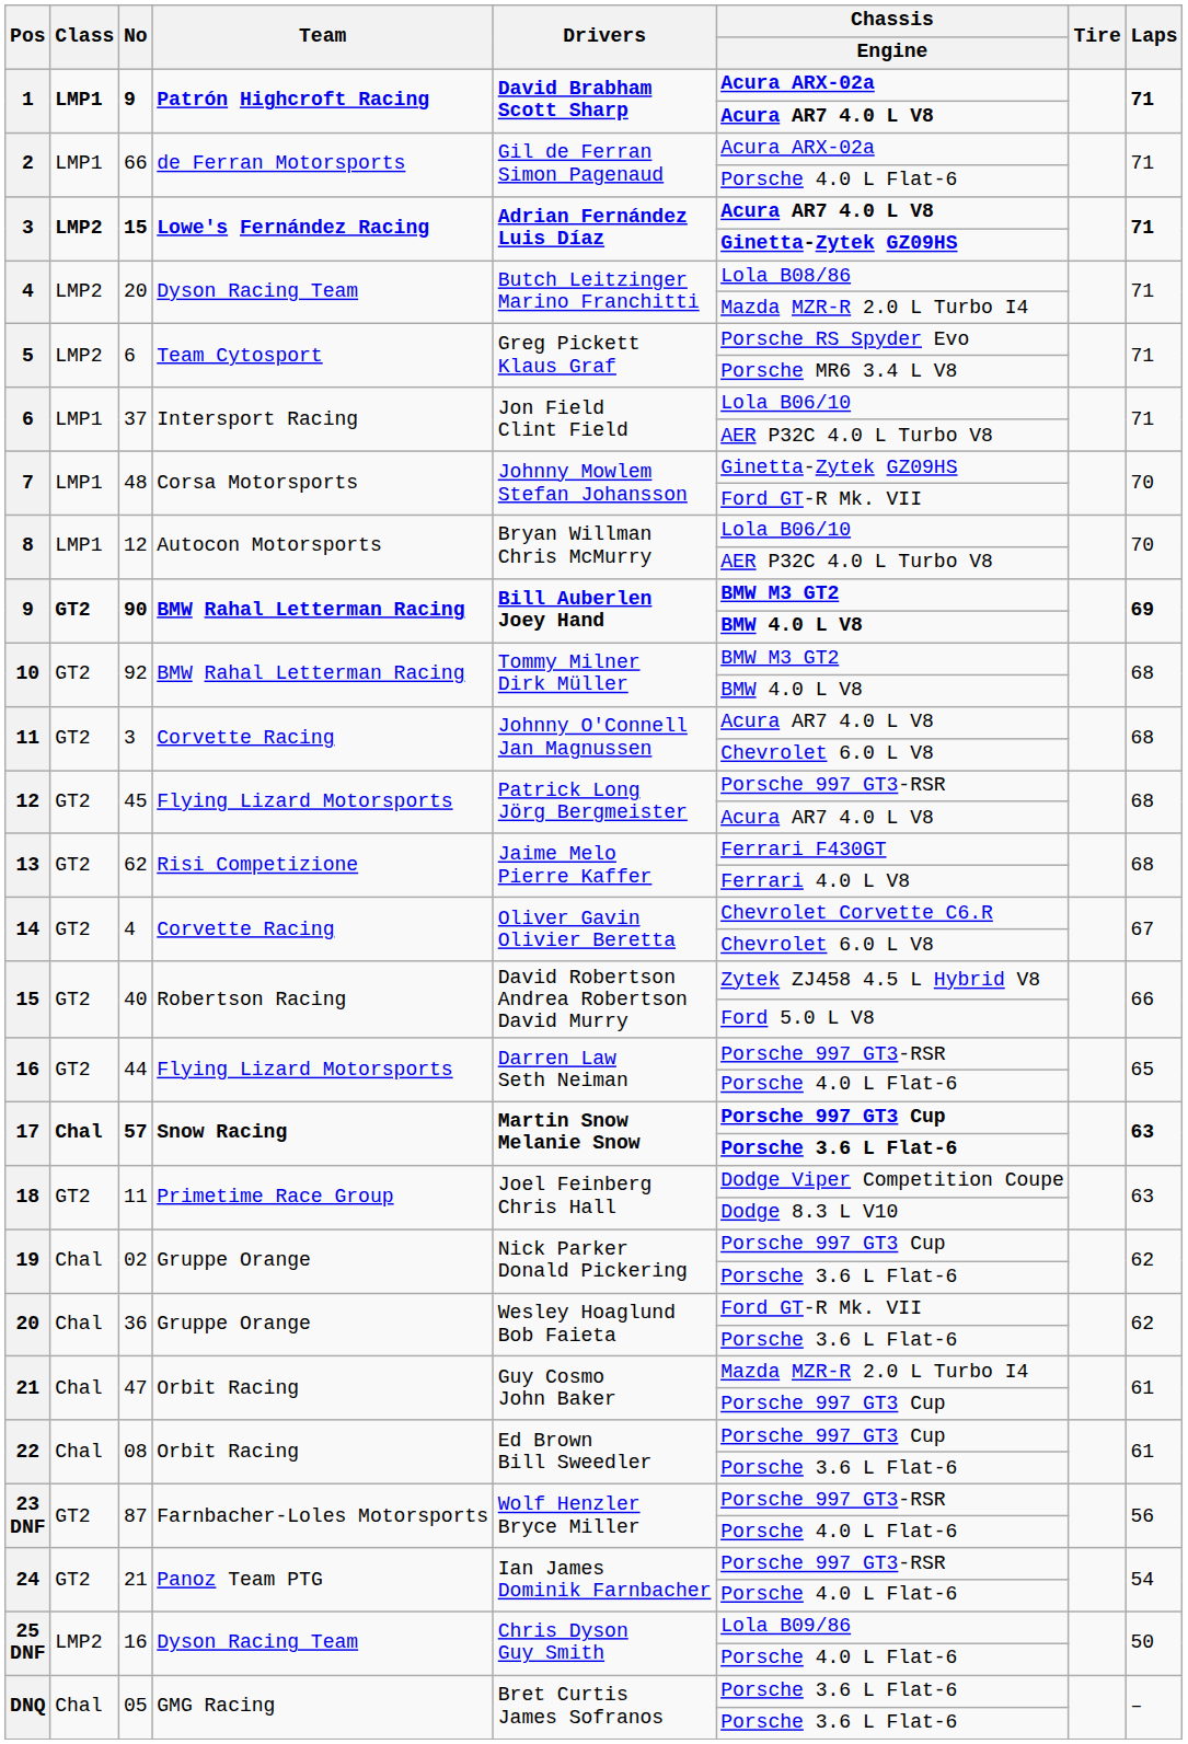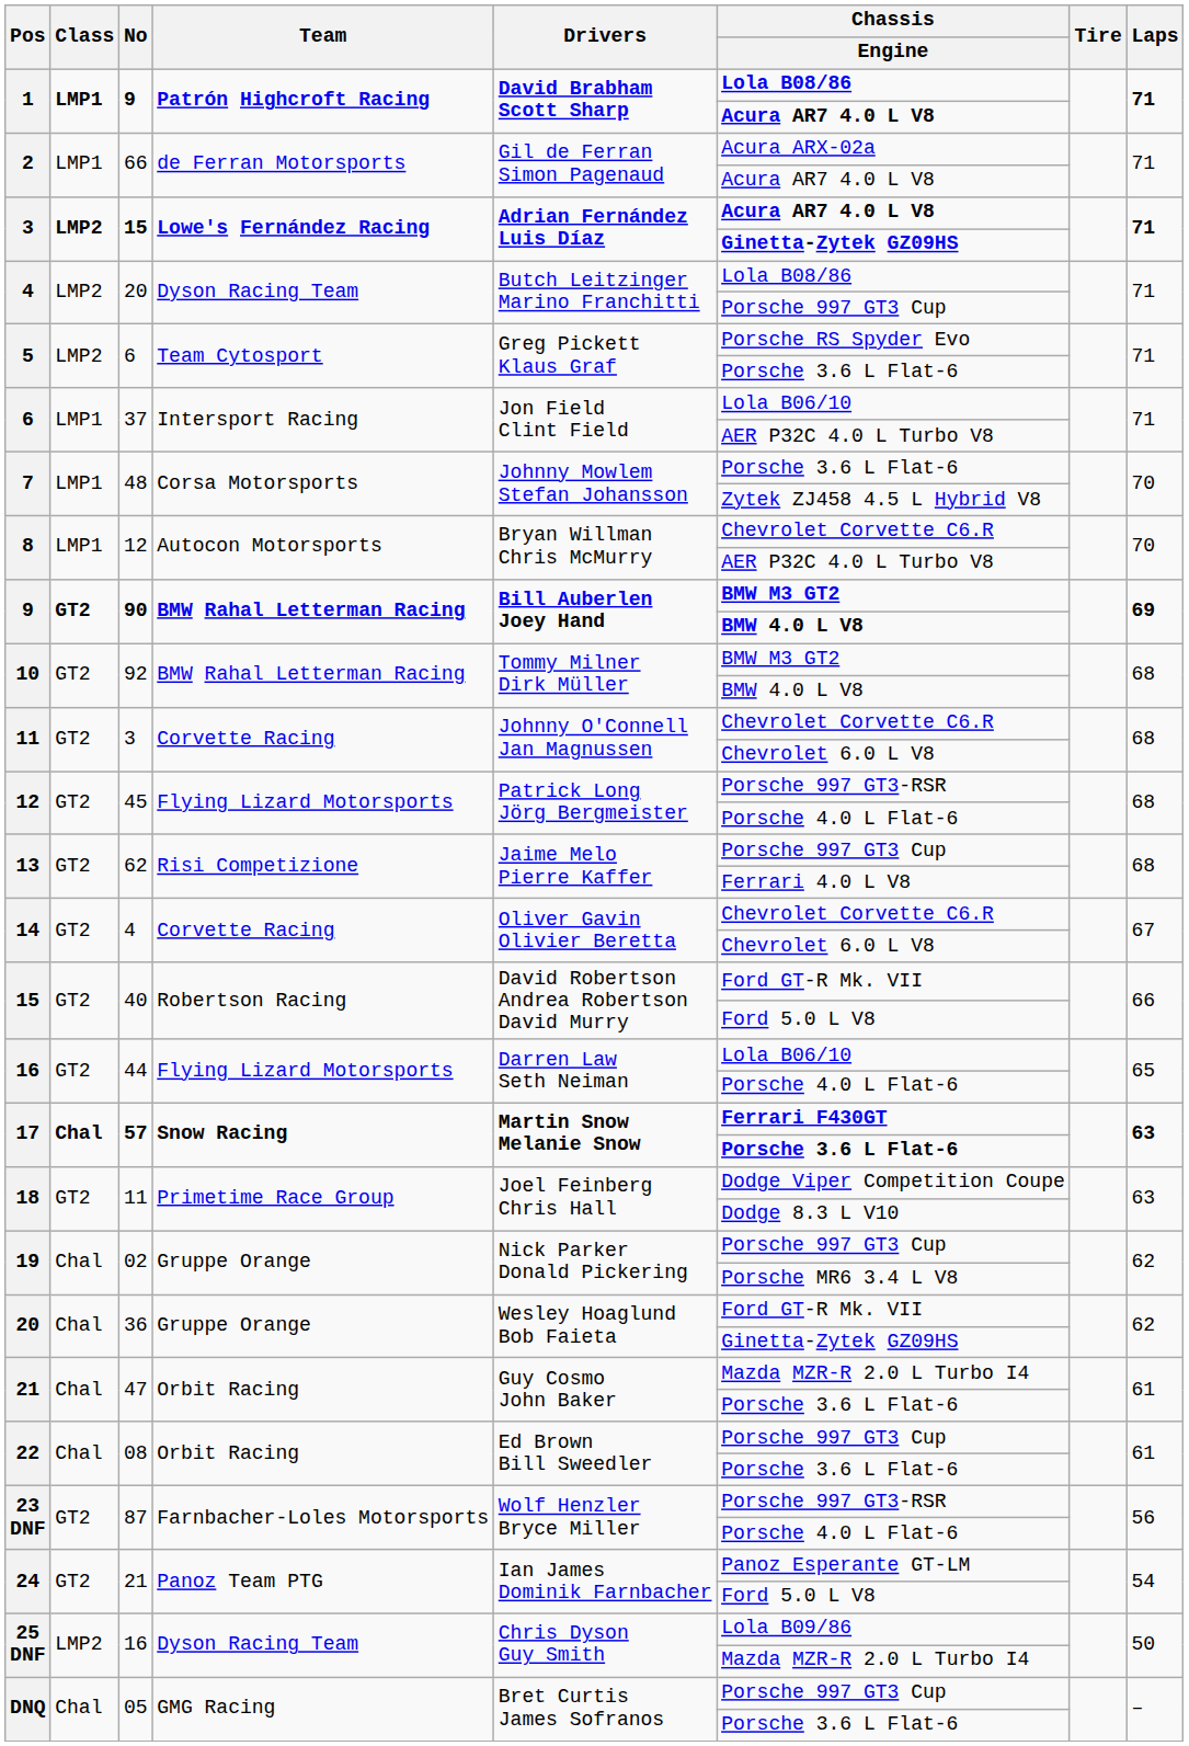 <table class="wikitable" style="font-size: 95%;">
 <tr>
 <th rowspan=2>Pos</th>
 <th rowspan=2>Class</th>
 <th rowspan=2>No</th>
 <th rowspan=2>Team</th>
 <th rowspan=2>Drivers</th>
 <th>Chassis</th>
 <th rowspan=2>Tire</th>
 <th rowspan=2>Laps</th>
 </tr>
 <tr>
 <th>Engine</th>
 </tr>
 <tr style="font-weight:bold">
 <th rowspan=2>1</th>
 <td rowspan=2>LMP1</td>
 <td rowspan=2>9</td>
 <td rowspan=2> <a href='#'>Patrón</a> <a href='#'>Highcroft Racing</a></td>
 <td rowspan=2> <a href='#'>David Brabham</a><br> <a href='#'>Scott Sharp</a></td>
-<td><a href='#'>Acura ARX-02a</a></td>
+<td><a href='#'>Lola B08/86</a></td>
 <td rowspan=2></td>
 <td rowspan=2>71</td>
 </tr>
 <tr style="font-weight:bold">
 <td><a href='#'>Acura</a> AR7 4.0 L V8</td>
 </tr>
 <tr>
 <th rowspan=2>2</th>
 <td rowspan=2>LMP1</td>
 <td rowspan=2>66</td>
 <td rowspan=2> <a href='#'>de Ferran Motorsports</a></td>
 <td rowspan=2> <a href='#'>Gil de Ferran</a><br> <a href='#'>Simon Pagenaud</a></td>
 <td><a href='#'>Acura ARX-02a</a></td>
 <td rowspan=2></td>
 <td rowspan=2>71</td>
 </tr>
 <tr>
-<td><a href='#'>Porsche</a> 4.0 L Flat-6</td>
+<td><a href='#'>Acura</a> AR7 4.0 L V8</td>
 </tr>
 <tr style="font-weight:bold">
 <th rowspan=2>3</th>
 <td rowspan=2>LMP2</td>
 <td rowspan=2>15</td>
 <td rowspan=2> <a href='#'>Lowe's</a> <a href='#'>Fernández Racing</a></td>
 <td rowspan=2> <a href='#'>Adrian Fernández</a><br> <a href='#'>Luis Díaz</a></td>
 <td><a href='#'>Acura</a> AR7 4.0 L V8</td>
 <td rowspan=2></td>
 <td rowspan=2>71</td>
 </tr>
 <tr style="font-weight:bold">
 <td><a href='#'>Ginetta</a>-<a href='#'>Zytek</a> <a href='#'>GZ09HS</a></td>
 </tr>
 <tr>
 <th rowspan=2>4</th>
 <td rowspan=2>LMP2</td>
 <td rowspan=2>20</td>
 <td rowspan=2> <a href='#'>Dyson Racing Team</a></td>
 <td rowspan=2> <a href='#'>Butch Leitzinger</a><br> <a href='#'>Marino Franchitti</a></td>
 <td><a href='#'>Lola B08/86</a></td>
 <td rowspan=2></td>
 <td rowspan=2>71</td>
 </tr>
 <tr>
-<td><a href='#'>Mazda</a> <a href='#'>MZR-R</a> 2.0 L Turbo I4</td>
+<td><a href='#'>Porsche 997 GT3</a> Cup</td>
 </tr>
 <tr>
 <th rowspan=2>5</th>
 <td rowspan=2>LMP2</td>
 <td rowspan=2>6</td>
 <td rowspan=2> <a href='#'>Team Cytosport</a></td>
 <td rowspan=2> Greg Pickett<br> <a href='#'>Klaus Graf</a></td>
 <td><a href='#'>Porsche RS Spyder</a> Evo</td>
 <td rowspan=2></td>
 <td rowspan=2>71</td>
 </tr>
 <tr>
-<td><a href='#'>Porsche</a> MR6 3.4 L V8</td>
+<td><a href='#'>Porsche</a> 3.6 L Flat-6</td>
 </tr>
 <tr>
 <th rowspan=2>6</th>
 <td rowspan=2>LMP1</td>
 <td rowspan=2>37</td>
 <td rowspan=2> Intersport Racing</td>
 <td rowspan=2> Jon Field<br> Clint Field</td>
 <td><a href='#'>Lola B06/10</a></td>
 <td rowspan=2></td>
 <td rowspan=2>71</td>
 </tr>
 <tr>
 <td><a href='#'>AER</a> P32C 4.0 L Turbo V8</td>
 </tr>
 <tr>
 <th rowspan=2>7</th>
 <td rowspan=2>LMP1</td>
 <td rowspan=2>48</td>
 <td rowspan=2> Corsa Motorsports</td>
 <td rowspan=2> <a href='#'>Johnny Mowlem</a><br> <a href='#'>Stefan Johansson</a></td>
-<td><a href='#'>Ginetta</a>-<a href='#'>Zytek</a> <a href='#'>GZ09HS</a></td>
+<td><a href='#'>Porsche</a> 3.6 L Flat-6</td>
 <td rowspan=2></td>
 <td rowspan=2>70</td>
 </tr>
 <tr>
-<td><a href='#'>Ford GT</a>-R Mk. VII</td>
+<td><a href='#'>Zytek</a> ZJ458 4.5 L <a href='#'>Hybrid</a> V8</td>
 </tr>
 <tr>
 <th rowspan=2>8</th>
 <td rowspan=2>LMP1</td>
 <td rowspan=2>12</td>
 <td rowspan=2> Autocon Motorsports</td>
 <td rowspan=2> Bryan Willman<br> Chris McMurry</td>
-<td><a href='#'>Lola B06/10</a></td>
+<td><a href='#'>Chevrolet Corvette C6.R</a></td>
 <td rowspan=2></td>
 <td rowspan=2>70</td>
 </tr>
 <tr>
 <td><a href='#'>AER</a> P32C 4.0 L Turbo V8</td>
 </tr>
 <tr style="font-weight:bold">
 <th rowspan=2>9</th>
 <td rowspan=2>GT2</td>
 <td rowspan=2>90</td>
 <td rowspan=2> <a href='#'>BMW</a> <a href='#'>Rahal Letterman Racing</a></td>
 <td rowspan=2> <a href='#'>Bill Auberlen</a><br> Joey Hand</td>
 <td><a href='#'>BMW M3 GT2</a></td>
 <td rowspan=2></td>
 <td rowspan=2>69</td>
 </tr>
 <tr style="font-weight:bold">
 <td><a href='#'>BMW</a> 4.0 L V8</td>
 </tr>
 <tr>
 <th rowspan=2>10</th>
 <td rowspan=2>GT2</td>
 <td rowspan=2>92</td>
 <td rowspan=2> <a href='#'>BMW</a> <a href='#'>Rahal Letterman Racing</a></td>
 <td rowspan=2> <a href='#'>Tommy Milner</a><br> <a href='#'>Dirk Müller</a></td>
 <td><a href='#'>BMW M3 GT2</a></td>
 <td rowspan=2></td>
 <td rowspan=2>68</td>
 </tr>
 <tr>
 <td><a href='#'>BMW</a> 4.0 L V8</td>
 </tr>
 <tr>
 <th rowspan=2>11</th>
 <td rowspan=2>GT2</td>
 <td rowspan=2>3</td>
 <td rowspan=2> <a href='#'>Corvette Racing</a></td>
 <td rowspan=2> <a href='#'>Johnny O'Connell</a><br> <a href='#'>Jan Magnussen</a></td>
-<td><a href='#'>Acura</a> AR7 4.0 L V8</td>
+<td><a href='#'>Chevrolet Corvette C6.R</a></td>
 <td rowspan=2></td>
 <td rowspan=2>68</td>
 </tr>
 <tr>
 <td><a href='#'>Chevrolet</a> 6.0 L V8</td>
 </tr>
 <tr>
 <th rowspan=2>12</th>
 <td rowspan=2>GT2</td>
 <td rowspan=2>45</td>
 <td rowspan=2> <a href='#'>Flying Lizard Motorsports</a></td>
 <td rowspan=2> <a href='#'>Patrick Long</a><br> <a href='#'>Jörg Bergmeister</a></td>
 <td><a href='#'>Porsche 997 GT3</a>-RSR</td>
 <td rowspan=2></td>
 <td rowspan=2>68</td>
 </tr>
 <tr>
-<td><a href='#'>Acura</a> AR7 4.0 L V8</td>
+<td><a href='#'>Porsche</a> 4.0 L Flat-6</td>
 </tr>
 <tr>
 <th rowspan=2>13</th>
 <td rowspan=2>GT2</td>
 <td rowspan=2>62</td>
 <td rowspan=2> <a href='#'>Risi Competizione</a></td>
 <td rowspan=2> <a href='#'>Jaime Melo</a><br> <a href='#'>Pierre Kaffer</a></td>
-<td><a href='#'>Ferrari F430GT</a></td>
+<td><a href='#'>Porsche 997 GT3</a> Cup</td>
 <td rowspan=2></td>
 <td rowspan=2>68</td>
 </tr>
 <tr>
 <td><a href='#'>Ferrari</a> 4.0 L V8</td>
 </tr>
 <tr>
 <th rowspan=2>14</th>
 <td rowspan=2>GT2</td>
 <td rowspan=2>4</td>
 <td rowspan=2> <a href='#'>Corvette Racing</a></td>
 <td rowspan=2> <a href='#'>Oliver Gavin</a><br> <a href='#'>Olivier Beretta</a></td>
 <td><a href='#'>Chevrolet Corvette C6.R</a></td>
 <td rowspan=2></td>
 <td rowspan=2>67</td>
 </tr>
 <tr>
 <td><a href='#'>Chevrolet</a> 6.0 L V8</td>
 </tr>
 <tr>
 <th rowspan=2>15</th>
 <td rowspan=2>GT2</td>
 <td rowspan=2>40</td>
 <td rowspan=2> Robertson Racing</td>
 <td rowspan=2> David Robertson<br> Andrea Robertson<br> David Murry</td>
-<td><a href='#'>Zytek</a> ZJ458 4.5 L <a href='#'>Hybrid</a> V8</td>
+<td><a href='#'>Ford GT</a>-R Mk. VII</td>
 <td rowspan=2></td>
 <td rowspan=2>66</td>
 </tr>
 <tr>
 <td><a href='#'>Ford</a> 5.0 L V8</td>
 </tr>
 <tr>
 <th rowspan=2>16</th>
 <td rowspan=2>GT2</td>
 <td rowspan=2>44</td>
 <td rowspan=2> <a href='#'>Flying Lizard Motorsports</a></td>
 <td rowspan=2> <a href='#'>Darren Law</a><br> Seth Neiman</td>
-<td><a href='#'>Porsche 997 GT3</a>-RSR</td>
+<td><a href='#'>Lola B06/10</a></td>
 <td rowspan=2></td>
 <td rowspan=2>65</td>
 </tr>
 <tr>
 <td><a href='#'>Porsche</a> 4.0 L Flat-6</td>
 </tr>
 <tr style="font-weight:bold">
 <th rowspan=2>17</th>
 <td rowspan=2>Chal</td>
 <td rowspan=2>57</td>
 <td rowspan=2> Snow Racing</td>
 <td rowspan=2> Martin Snow<br> Melanie Snow</td>
-<td><a href='#'>Porsche 997 GT3</a> Cup</td>
+<td><a href='#'>Ferrari F430GT</a></td>
 <td rowspan=2></td>
 <td rowspan=2>63</td>
 </tr>
 <tr style="font-weight:bold">
 <td><a href='#'>Porsche</a> 3.6 L Flat-6</td>
 </tr>
 <tr>
 <th rowspan=2>18</th>
 <td rowspan=2>GT2</td>
 <td rowspan=2>11</td>
 <td rowspan=2> <a href='#'>Primetime Race Group</a></td>
 <td rowspan=2> Joel Feinberg<br> Chris Hall</td>
 <td><a href='#'>Dodge Viper</a> Competition Coupe</td>
 <td rowspan=2></td>
 <td rowspan=2>63</td>
 </tr>
 <tr>
 <td><a href='#'>Dodge</a> 8.3 L V10</td>
 </tr>
 <tr>
 <th rowspan=2>19</th>
 <td rowspan=2>Chal</td>
 <td rowspan=2>02</td>
 <td rowspan=2> Gruppe Orange</td>
 <td rowspan=2> Nick Parker<br> Donald Pickering</td>
 <td><a href='#'>Porsche 997 GT3</a> Cup</td>
 <td rowspan=2></td>
 <td rowspan=2>62</td>
 </tr>
 <tr>
-<td><a href='#'>Porsche</a> 3.6 L Flat-6</td>
+<td><a href='#'>Porsche</a> MR6 3.4 L V8</td>
 </tr>
 <tr>
 <th rowspan=2>20</th>
 <td rowspan=2>Chal</td>
 <td rowspan=2>36</td>
 <td rowspan=2> Gruppe Orange</td>
 <td rowspan=2> Wesley Hoaglund<br> Bob Faieta</td>
 <td><a href='#'>Ford GT</a>-R Mk. VII</td>
 <td rowspan=2></td>
 <td rowspan=2>62</td>
 </tr>
 <tr>
-<td><a href='#'>Porsche</a> 3.6 L Flat-6</td>
+<td><a href='#'>Ginetta</a>-<a href='#'>Zytek</a> <a href='#'>GZ09HS</a></td>
 </tr>
 <tr>
 <th rowspan=2>21</th>
 <td rowspan=2>Chal</td>
 <td rowspan=2>47</td>
 <td rowspan=2> Orbit Racing</td>
 <td rowspan=2> Guy Cosmo<br> John Baker</td>
 <td><a href='#'>Mazda</a> <a href='#'>MZR-R</a> 2.0 L Turbo I4</td>
 <td rowspan=2></td>
 <td rowspan=2>61</td>
 </tr>
 <tr>
-<td><a href='#'>Porsche 997 GT3</a> Cup</td>
+<td><a href='#'>Porsche</a> 3.6 L Flat-6</td>
 </tr>
 <tr>
 <th rowspan=2>22</th>
 <td rowspan=2>Chal</td>
 <td rowspan=2>08</td>
 <td rowspan=2> Orbit Racing</td>
 <td rowspan=2> Ed Brown<br> Bill Sweedler</td>
 <td><a href='#'>Porsche 997 GT3</a> Cup</td>
 <td rowspan=2></td>
 <td rowspan=2>61</td>
 </tr>
 <tr>
 <td><a href='#'>Porsche</a> 3.6 L Flat-6</td>
 </tr>
 <tr>
 <th rowspan=2>23<br>DNF</th>
 <td rowspan=2>GT2</td>
 <td rowspan=2>87</td>
 <td rowspan=2> Farnbacher-Loles Motorsports</td>
 <td rowspan=2> <a href='#'>Wolf Henzler</a><br> Bryce Miller</td>
 <td><a href='#'>Porsche 997 GT3</a>-RSR</td>
 <td rowspan=2></td>
 <td rowspan=2>56</td>
 </tr>
 <tr>
 <td><a href='#'>Porsche</a> 4.0 L Flat-6</td>
 </tr>
 <tr>
 <th rowspan=2>24</th>
 <td rowspan=2>GT2</td>
 <td rowspan=2>21</td>
 <td rowspan=2> <a href='#'>Panoz</a> Team PTG</td>
 <td rowspan=2> Ian James<br> <a href='#'>Dominik Farnbacher</a></td>
-<td><a href='#'>Porsche 997 GT3</a>-RSR</td>
+<td><a href='#'>Panoz Esperante</a> GT-LM</td>
 <td rowspan=2></td>
 <td rowspan=2>54</td>
 </tr>
 <tr>
-<td><a href='#'>Porsche</a> 4.0 L Flat-6</td>
+<td><a href='#'>Ford</a> 5.0 L V8</td>
 </tr>
 <tr>
 <th rowspan=2>25<br>DNF</th>
 <td rowspan=2>LMP2</td>
 <td rowspan=2>16</td>
 <td rowspan=2> <a href='#'>Dyson Racing Team</a></td>
 <td rowspan=2> <a href='#'>Chris Dyson</a><br> <a href='#'>Guy Smith</a></td>
 <td><a href='#'>Lola B09/86</a></td>
 <td rowspan=2></td>
 <td rowspan=2>50</td>
 </tr>
 <tr>
-<td><a href='#'>Porsche</a> 4.0 L Flat-6</td>
+<td><a href='#'>Mazda</a> <a href='#'>MZR-R</a> 2.0 L Turbo I4</td>
 </tr>
 <tr>
 <th rowspan=2>DNQ</th>
 <td rowspan=2>Chal</td>
 <td rowspan=2>05</td>
 <td rowspan=2> GMG Racing</td>
 <td rowspan=2> Bret Curtis<br> James Sofranos</td>
-<td><a href='#'>Porsche</a> 3.6 L Flat-6</td>
+<td><a href='#'>Porsche 997 GT3</a> Cup</td>
 <td rowspan=2></td>
 <td rowspan=2>–</td>
 </tr>
 <tr>
 <td><a href='#'>Porsche</a> 3.6 L Flat-6</td>
 </tr>
 <tr>
 </tr>
 </table>
